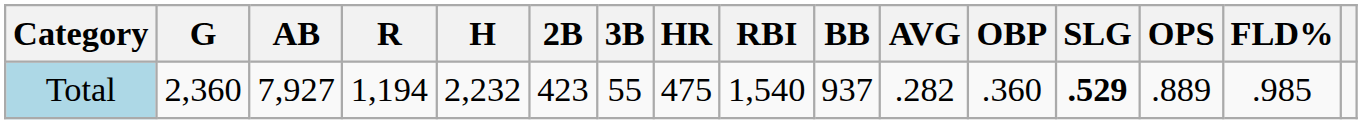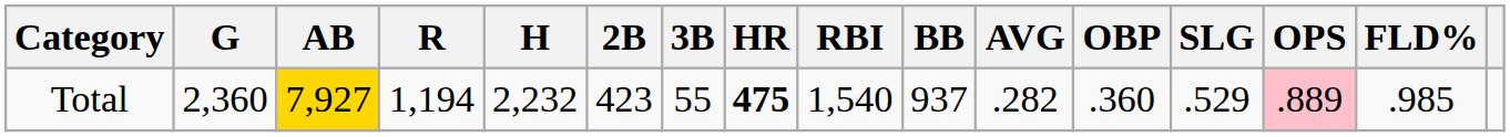 <table class="wikitable" style="font-size: 95%; text-align:center;">
 <tr>
 <th>Category</th>
 <th>G</th>
 <th>AB</th>
 <th>R</th>
 <th>H</th>
 <th>2B</th>
 <th>3B</th>
 <th>HR</th>
 <th>RBI</th>
 <th>BB</th>
 <th>AVG</th>
 <th>OBP</th>
 <th>SLG</th>
 <th>OPS</th>
 <th>FLD%</th>
 <th></th>
 </tr>
 <tr>
-<td style="background: lightblue;">Total</td>
+<td>Total</td>
 <td>2,360</td>
-<td>7,927</td>
+<td style="background: gold;">7,927</td>
 <td>1,194</td>
 <td>2,232</td>
 <td>423</td>
 <td>55</td>
-<td>475</td>
+<td><strong>475</strong></td>
 <td>1,540</td>
 <td>937</td>
 <td>.282</td>
 <td>.360</td>
-<td><strong>.529</strong></td>
-<td>.889</td>
+<td>.529</td>
+<td style="background: pink;">.889</td>
 <td>.985</td>
 <td></td>
 </tr>
 </table>
